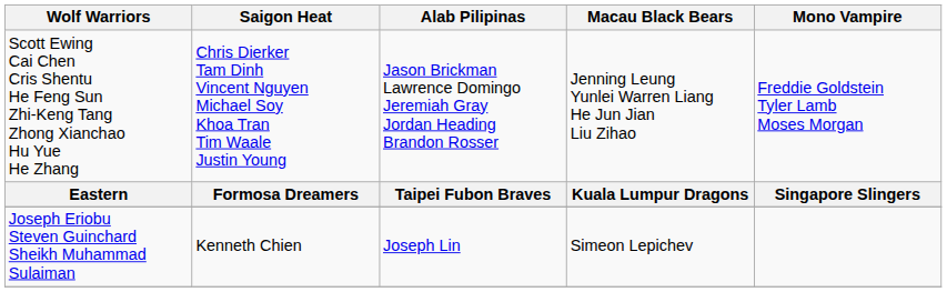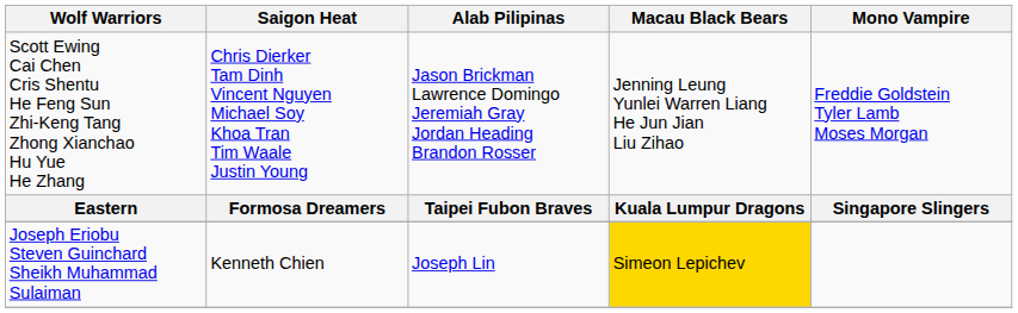 <table class="wikitable">
 <tr>
 <th style="width:180px;"> Wolf Warriors</th>
 <th style="width:180px;"> Saigon Heat</th>
 <th style="width:180px;"> Alab Pilipinas</th>
 <th style="width:180px;"> Macau Black Bears</th>
 <th style="width:180px;"> Mono Vampire</th>
 </tr>
 <tr>
 <td>  Scott Ewing <br>  Cai Chen <br> Cris Shentu <br>   He Feng Sun <br>  Zhi-Keng Tang <br>  Zhong Xianchao <br>   Hu Yue <br>  He Zhang</td>
 <td> <a href='#'>Chris Dierker</a> <br>  <a href='#'>Tam Dinh</a> <br>  <a href='#'>Vincent Nguyen</a> <br>  <a href='#'>Michael Soy</a> <br>  <a href='#'>Khoa Tran</a> <br> <a href='#'>Tim Waale</a> <br>  <a href='#'>Justin Young</a></td>
 <td> <a href='#'>Jason Brickman</a> <br>  Lawrence Domingo  <br>  <a href='#'>Jeremiah Gray</a> <br>  <a href='#'>Jordan Heading</a> <br>   <a href='#'>Brandon Rosser</a></td>
 <td>  Jenning Leung <br>   Yunlei Warren Liang <br>  He Jun Jian <br>  Liu Zihao</td>
 <td> <a href='#'>Freddie Goldstein</a> <br>  <a href='#'>Tyler Lamb</a> <br>  <a href='#'>Moses Morgan</a></td>
 </tr>
 <tr>
 <th style="width:180px;"> Eastern</th>
 <th style="width:180px;"> Formosa Dreamers</th>
 <th style="width:180px;"> Taipei Fubon Braves</th>
 <th style="width:180px;"> Kuala Lumpur Dragons</th>
 <th style="width:180px;"> Singapore Slingers</th>
 </tr>
 <tr>
 </tr>
 <tr>
 <td>  <a href='#'>Joseph Eriobu</a> <br>   <a href='#'>Steven Guinchard</a> <br>   <a href='#'>Sheikh Muhammad Sulaiman</a></td>
 <td> Kenneth Chien</td>
 <td> <a href='#'>Joseph Lin</a></td>
-<td> Simeon Lepichev</td>
+<td style="background: gold;"> Simeon Lepichev</td>
 <td></td>
 </tr>
 <tr>
 </tr>
 </table>
